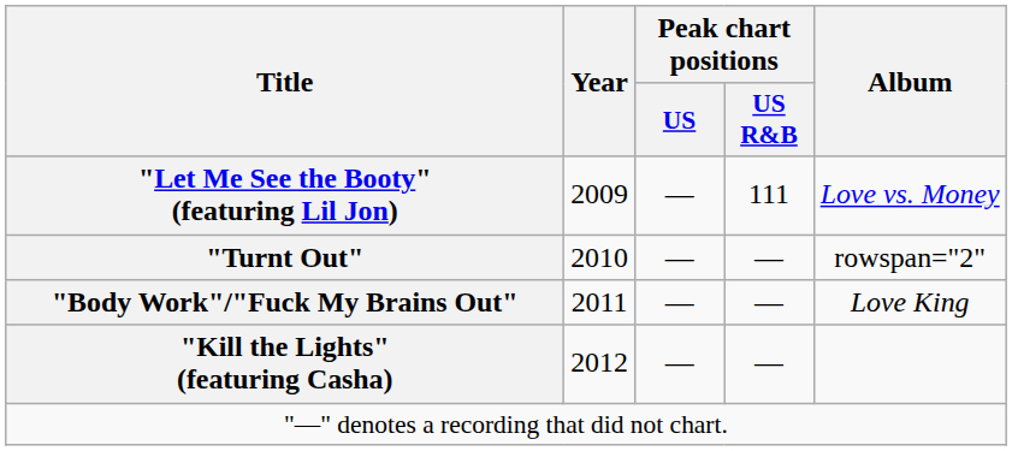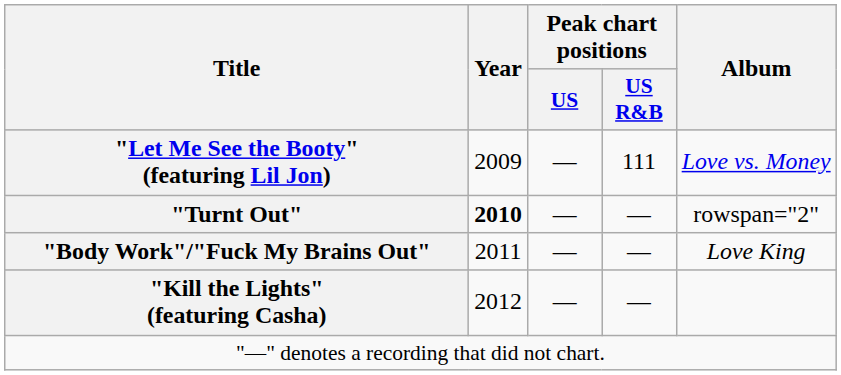 <table class="wikitable plainrowheaders" style="text-align:center;">
 <tr>
 <th scope="col" rowspan="2" style="width:19em;">Title</th>
 <th scope="col" rowspan="2">Year</th>
 <th scope="col" colspan="2">Peak chart positions</th>
 <th scope="col" rowspan="2">Album</th>
 </tr>
 <tr>
 <th scope="col" style="width:3em;font-size:90%;"><a href='#'>US</a><br></th>
 <th scope="col" style="width:3em;font-size:90%;"><a href='#'>US<br>R&B</a><br></th>
 </tr>
 <tr>
 <th scope="row">"<a href='#'>Let Me See the Booty</a>"<br><span>(featuring <a href='#'>Lil Jon</a>)</span></th>
 <td>2009</td>
 <td>—</td>
 <td>111</td>
 <td><em><a href='#'>Love vs. Money</a></em></td>
 </tr>
 <tr>
 <th scope="row">"Turnt Out"</th>
-<td>2010</td>
+<td><strong>2010</strong></td>
 <td>—</td>
 <td>—</td>
 <td>rowspan="2" </td>
 </tr>
 <tr>
 <th scope="row">"Body Work"/"Fuck My Brains Out"</th>
 <td>2011</td>
 <td>—</td>
 <td>—</td>
 <td><em>Love King</em></td>
 </tr>
 <tr>
 <th scope="row">"Kill the Lights"<br><span>(featuring Casha)</span></th>
 <td>2012</td>
 <td>—</td>
 <td>—</td>
 </tr>
 <tr>
 <td colspan="5" style="font-size:90%">"—" denotes a recording that did not chart.</td>
 </tr>
 </table>
